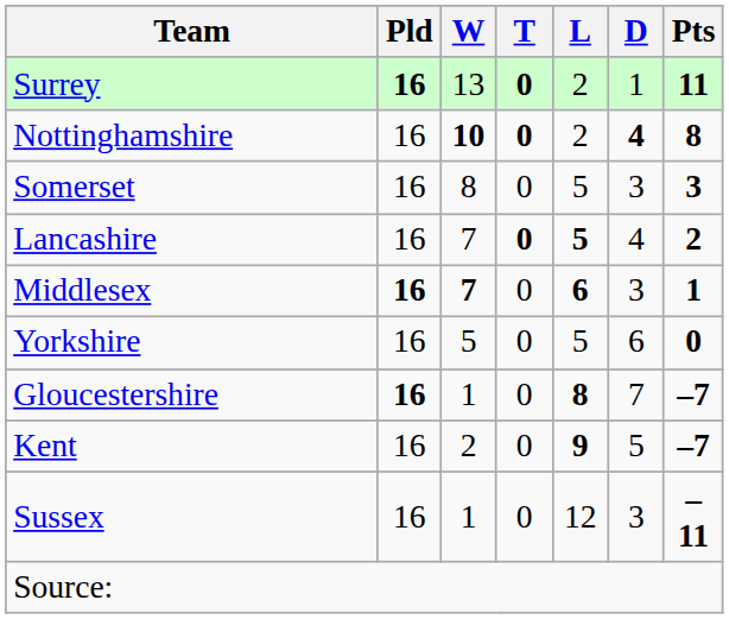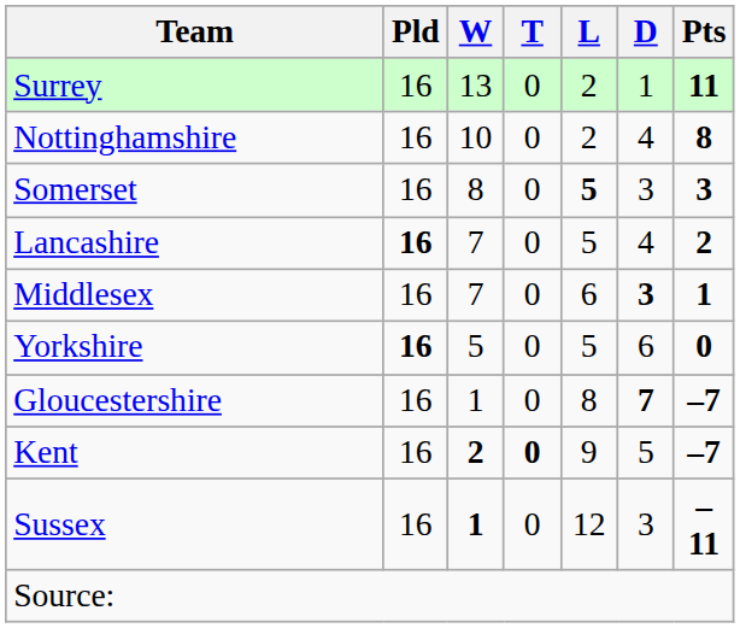 <table class="wikitable" style="text-align:center;">
 <tr>
 <th width=175>Team</th>
 <th width=20 abbr="Played">Pld</th>
 <th width=20 abbr="Won"><a href='#'>W</a></th>
 <th width=20 abbr="Tied"><a href='#'>T</a></th>
 <th width=20 abbr="Lost"><a href='#'>L</a></th>
 <th width=20 abbr="Drawn"><a href='#'>D</a></th>
 <th width=20 abbr="Points">Pts</th>
 </tr>
 <tr style="background:#ccffcc;">
 <td style="text-align:left;"><a href='#'>Surrey</a></td>
-<td><strong>16</strong></td>
+<td>16</td>
 <td>13</td>
-<td><strong>0</strong></td>
+<td>0</td>
 <td>2</td>
 <td>1</td>
 <td><strong>11</strong></td>
 </tr>
 <tr style="background:#f9f9f9;">
 <td style="text-align:left;"><a href='#'>Nottinghamshire</a></td>
 <td>16</td>
-<td><strong>10</strong></td>
-<td><strong>0</strong></td>
+<td>10</td>
+<td>0</td>
 <td>2</td>
-<td><strong>4</strong></td>
+<td>4</td>
 <td><strong>8</strong></td>
 </tr>
 <tr style="background:#f9f9f9;">
 <td style="text-align:left;"><a href='#'>Somerset</a></td>
 <td>16</td>
 <td>8</td>
 <td>0</td>
-<td>5</td>
+<td><strong>5</strong></td>
 <td>3</td>
 <td><strong>3</strong></td>
 </tr>
 <tr style="background:#f9f9f9;">
 <td style="text-align:left;"><a href='#'>Lancashire</a></td>
-<td>16</td>
+<td><strong>16</strong></td>
 <td>7</td>
-<td><strong>0</strong></td>
-<td><strong>5</strong></td>
+<td>0</td>
+<td>5</td>
 <td>4</td>
 <td><strong>2</strong></td>
 </tr>
 <tr style="background:#f9f9f9;">
 <td style="text-align:left;"><a href='#'>Middlesex</a></td>
-<td><strong>16</strong></td>
-<td><strong>7</strong></td>
+<td>16</td>
+<td>7</td>
 <td>0</td>
-<td><strong>6</strong></td>
-<td>3</td>
+<td>6</td>
+<td><strong>3</strong></td>
 <td><strong>1</strong></td>
 </tr>
 <tr style="background:#f9f9f9;">
 <td style="text-align:left;"><a href='#'>Yorkshire</a></td>
-<td>16</td>
+<td><strong>16</strong></td>
 <td>5</td>
 <td>0</td>
 <td>5</td>
 <td>6</td>
 <td><strong>0</strong></td>
 </tr>
 <tr style="background:#f9f9f9;">
 <td style="text-align:left;"><a href='#'>Gloucestershire</a></td>
-<td><strong>16</strong></td>
+<td>16</td>
 <td>1</td>
 <td>0</td>
-<td><strong>8</strong></td>
-<td>7</td>
+<td>8</td>
+<td><strong>7</strong></td>
 <td><strong>–7</strong></td>
 </tr>
 <tr style="background:#f9f9f9;">
 <td style="text-align:left;"><a href='#'>Kent</a></td>
 <td>16</td>
-<td>2</td>
-<td>0</td>
-<td><strong>9</strong></td>
+<td><strong>2</strong></td>
+<td><strong>0</strong></td>
+<td>9</td>
 <td>5</td>
 <td><strong>–7</strong></td>
 </tr>
 <tr style="background:#f9f9f9;">
 <td style="text-align:left;"><a href='#'>Sussex</a></td>
 <td>16</td>
-<td>1</td>
+<td><strong>1</strong></td>
 <td>0</td>
 <td>12</td>
 <td>3</td>
 <td><strong>–11</strong></td>
 </tr>
 <tr>
 <td colspan=8 align="left">Source:</td>
 </tr>
 </table>
